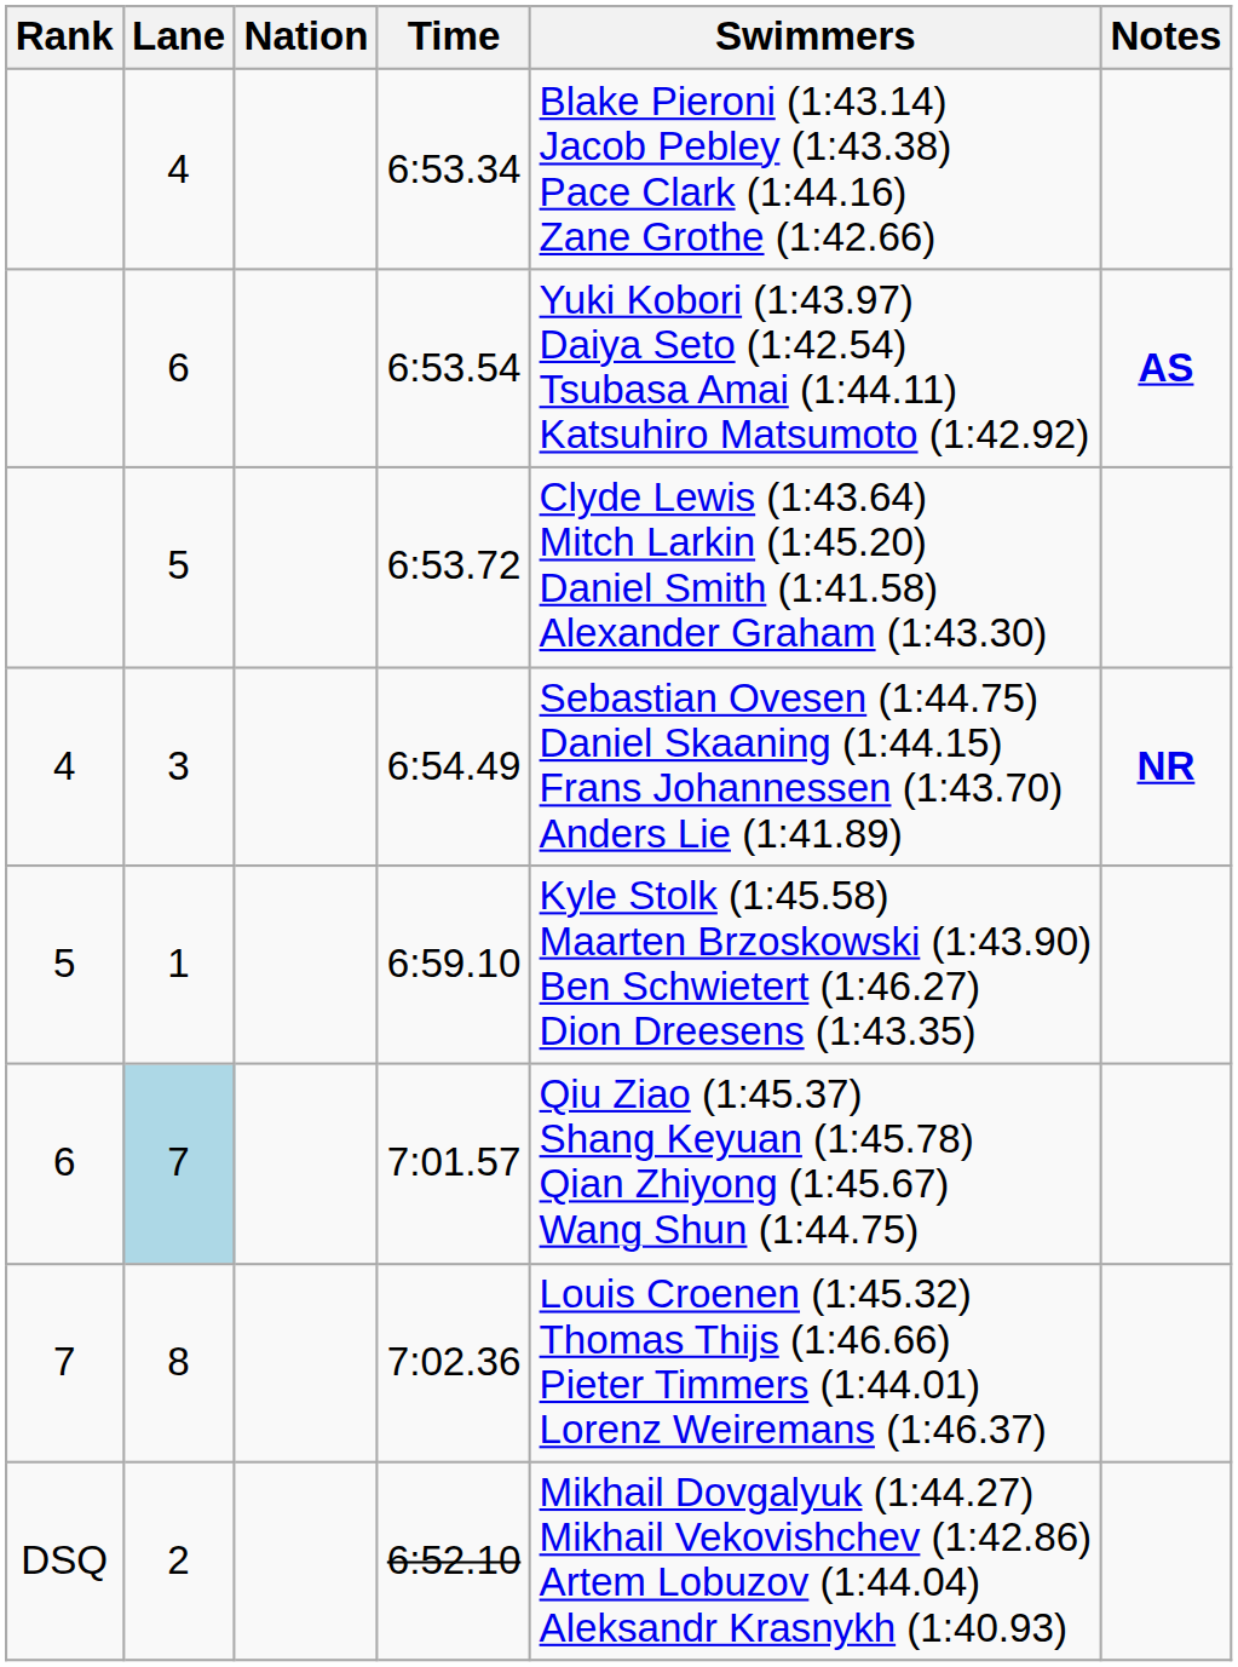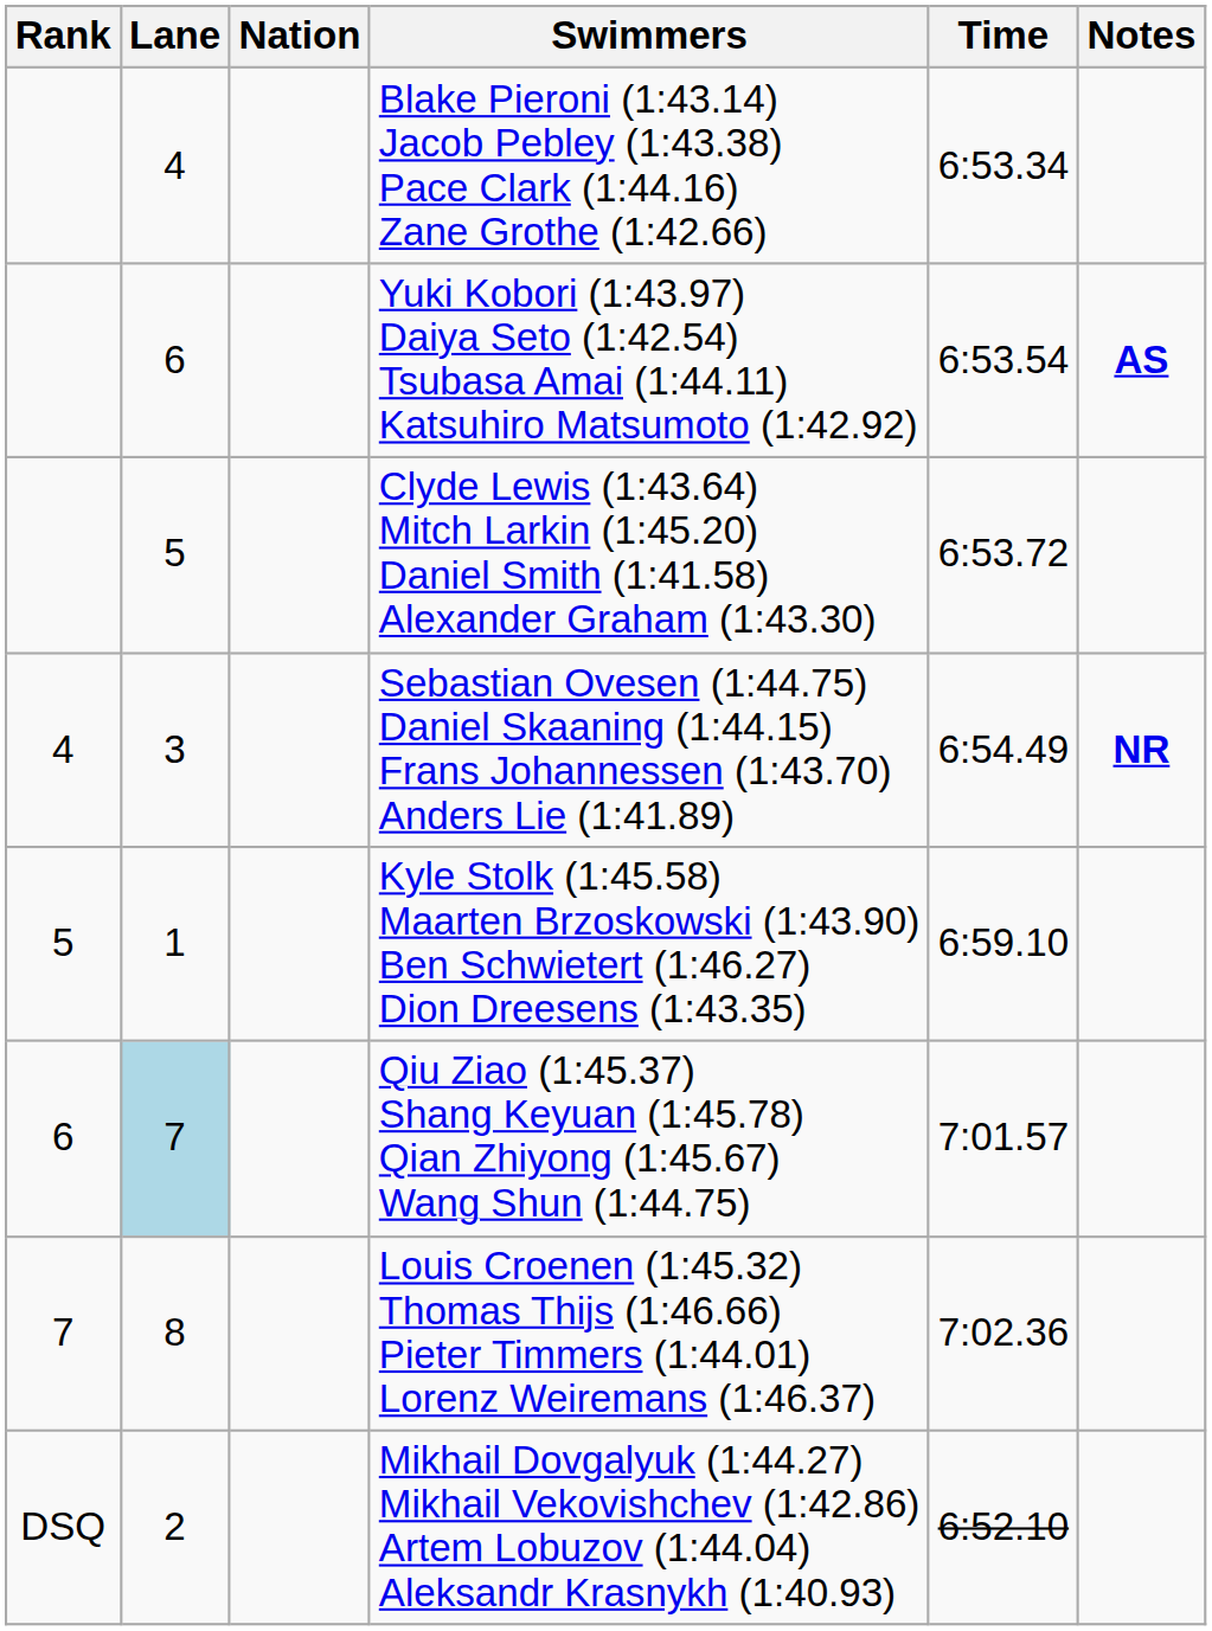 <table class="wikitable sortable" style="text-align:center">
 <tr>
 <th>Rank</th>
 <th>Lane</th>
 <th>Nation</th>
+<th>Swimmers</th>
 <th>Time</th>
-<th>Swimmers</th>
 <th>Notes</th>
 </tr>
 <tr>
 <td></td>
 <td>4</td>
 <td align=left></td>
+<td align=left><a href='#'>Blake Pieroni</a> (1:43.14)<br><a href='#'>Jacob Pebley</a> (1:43.38)<br><a href='#'>Pace Clark</a> (1:44.16)<br><a href='#'>Zane Grothe</a> (1:42.66)</td>
 <td>6:53.34</td>
-<td align=left><a href='#'>Blake Pieroni</a> (1:43.14)<br><a href='#'>Jacob Pebley</a> (1:43.38)<br><a href='#'>Pace Clark</a> (1:44.16)<br><a href='#'>Zane Grothe</a> (1:42.66)</td>
 <td></td>
 </tr>
 <tr>
 <td></td>
 <td>6</td>
 <td align=left></td>
+<td align=left><a href='#'>Yuki Kobori</a> (1:43.97)<br><a href='#'>Daiya Seto</a> (1:42.54)<br><a href='#'>Tsubasa Amai</a> (1:44.11)<br><a href='#'>Katsuhiro Matsumoto</a> (1:42.92)</td>
 <td>6:53.54</td>
-<td align=left><a href='#'>Yuki Kobori</a> (1:43.97)<br><a href='#'>Daiya Seto</a> (1:42.54)<br><a href='#'>Tsubasa Amai</a> (1:44.11)<br><a href='#'>Katsuhiro Matsumoto</a> (1:42.92)</td>
 <td><strong><a href='#'>AS</a></strong></td>
 </tr>
 <tr>
 <td></td>
 <td>5</td>
 <td align=left></td>
+<td align=left><a href='#'>Clyde Lewis</a> (1:43.64)<br><a href='#'>Mitch Larkin</a> (1:45.20)<br><a href='#'>Daniel Smith</a> (1:41.58)<br><a href='#'>Alexander Graham</a> (1:43.30)</td>
 <td>6:53.72</td>
-<td align=left><a href='#'>Clyde Lewis</a> (1:43.64)<br><a href='#'>Mitch Larkin</a> (1:45.20)<br><a href='#'>Daniel Smith</a> (1:41.58)<br><a href='#'>Alexander Graham</a> (1:43.30)</td>
 <td></td>
 </tr>
 <tr>
 <td>4</td>
 <td>3</td>
 <td align=left></td>
+<td align=left><a href='#'>Sebastian Ovesen</a> (1:44.75)<br><a href='#'>Daniel Skaaning</a> (1:44.15)<br><a href='#'>Frans Johannessen</a> (1:43.70)<br><a href='#'>Anders Lie</a> (1:41.89)</td>
 <td>6:54.49</td>
-<td align=left><a href='#'>Sebastian Ovesen</a> (1:44.75)<br><a href='#'>Daniel Skaaning</a> (1:44.15)<br><a href='#'>Frans Johannessen</a> (1:43.70)<br><a href='#'>Anders Lie</a> (1:41.89)</td>
 <td><strong><a href='#'>NR</a></strong></td>
 </tr>
 <tr>
 <td>5</td>
 <td>1</td>
 <td align=left></td>
+<td align=left><a href='#'>Kyle Stolk</a> (1:45.58)<br><a href='#'>Maarten Brzoskowski</a> (1:43.90)<br><a href='#'>Ben Schwietert</a> (1:46.27)<br><a href='#'>Dion Dreesens</a> (1:43.35)</td>
 <td>6:59.10</td>
-<td align=left><a href='#'>Kyle Stolk</a> (1:45.58)<br><a href='#'>Maarten Brzoskowski</a> (1:43.90)<br><a href='#'>Ben Schwietert</a> (1:46.27)<br><a href='#'>Dion Dreesens</a> (1:43.35)</td>
 <td></td>
 </tr>
 <tr>
 <td>6</td>
 <td style="background: lightblue;">7</td>
 <td align=left></td>
+<td align=left><a href='#'>Qiu Ziao</a> (1:45.37)<br><a href='#'>Shang Keyuan</a> (1:45.78)<br><a href='#'>Qian Zhiyong</a> (1:45.67)<br><a href='#'>Wang Shun</a> (1:44.75)</td>
 <td>7:01.57</td>
-<td align=left><a href='#'>Qiu Ziao</a> (1:45.37)<br><a href='#'>Shang Keyuan</a> (1:45.78)<br><a href='#'>Qian Zhiyong</a> (1:45.67)<br><a href='#'>Wang Shun</a> (1:44.75)</td>
 <td></td>
 </tr>
 <tr>
 <td>7</td>
 <td>8</td>
 <td align=left></td>
+<td align=left><a href='#'>Louis Croenen</a> (1:45.32)<br><a href='#'>Thomas Thijs</a> (1:46.66)<br><a href='#'>Pieter Timmers</a> (1:44.01)<br><a href='#'>Lorenz Weiremans</a> (1:46.37)</td>
 <td>7:02.36</td>
-<td align=left><a href='#'>Louis Croenen</a> (1:45.32)<br><a href='#'>Thomas Thijs</a> (1:46.66)<br><a href='#'>Pieter Timmers</a> (1:44.01)<br><a href='#'>Lorenz Weiremans</a> (1:46.37)</td>
 <td></td>
 </tr>
 <tr>
 <td>DSQ</td>
 <td>2</td>
 <td align=left></td>
+<td align=left><a href='#'>Mikhail Dovgalyuk</a> (1:44.27)<br><a href='#'>Mikhail Vekovishchev</a> (1:42.86)<br><a href='#'>Artem Lobuzov</a> (1:44.04)<br><a href='#'>Aleksandr Krasnykh</a> (1:40.93)</td>
 <td><s>6:52.10</s></td>
-<td align=left><a href='#'>Mikhail Dovgalyuk</a> (1:44.27)<br><a href='#'>Mikhail Vekovishchev</a> (1:42.86)<br><a href='#'>Artem Lobuzov</a> (1:44.04)<br><a href='#'>Aleksandr Krasnykh</a> (1:40.93)</td>
 <td></td>
 </tr>
 </table>
